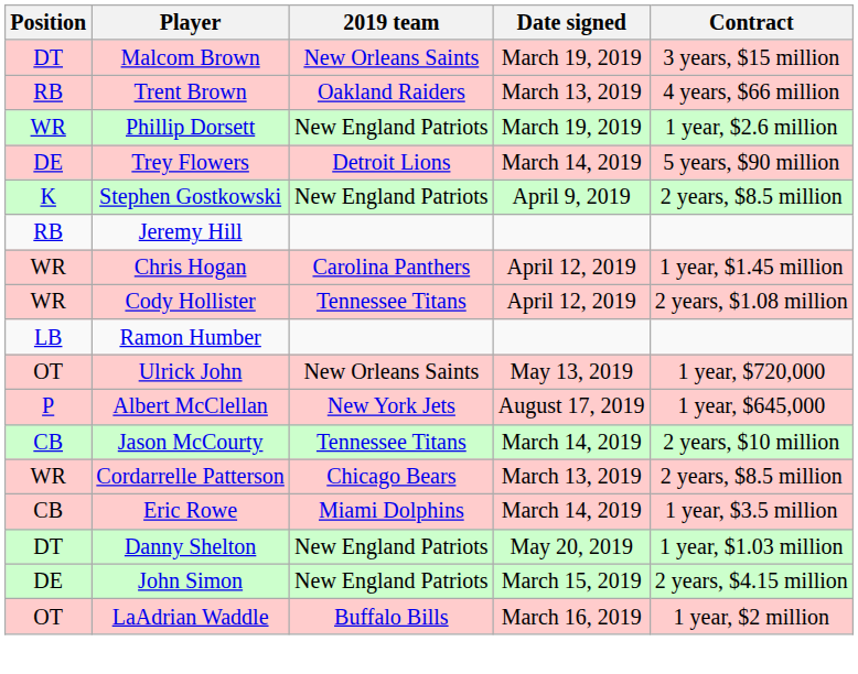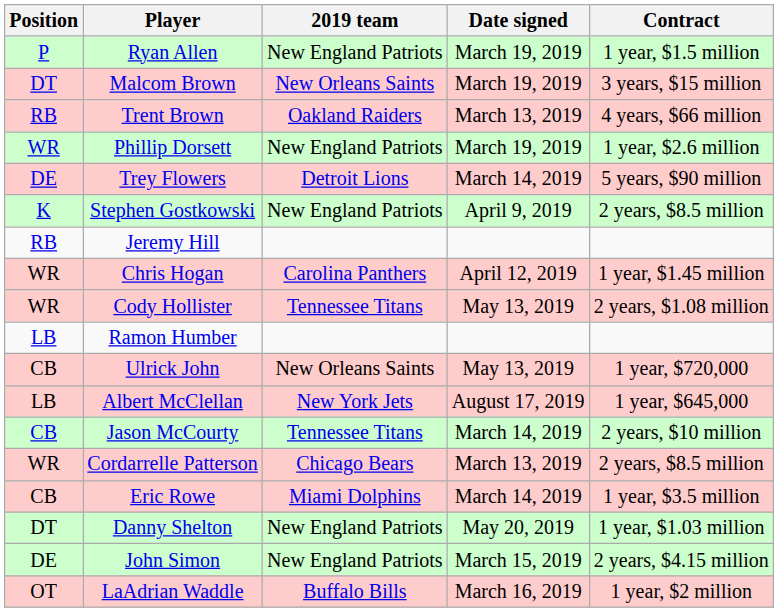 <table class="wikitable" style="text-align:center">
 <tr>
 <th>Position</th>
 <th>Player</th>
 <th>2019 team</th>
 <th>Date signed</th>
 <th>Contract</th>
+</tr>
+<tr style="background:#cfc">
+<td><a href='#'>P</a></td>
+<td><a href='#'>Ryan Allen</a></td>
+<td>New England Patriots</td>
+<td>March 19, 2019</td>
+<td>1 year, $1.5 million</td>
 </tr>
 <tr style="background:#fcc">
 <td><a href='#'>DT</a></td>
 <td><a href='#'>Malcom Brown</a></td>
 <td><a href='#'>New Orleans Saints</a></td>
 <td>March 19, 2019</td>
 <td>3 years, $15 million</td>
 </tr>
 <tr style="background:#fcc">
 <td><a href='#'>RB</a></td>
 <td><a href='#'>Trent Brown</a></td>
 <td><a href='#'>Oakland Raiders</a></td>
 <td>March 13, 2019</td>
 <td>4 years, $66 million</td>
 </tr>
 <tr style="background:#cfc">
 <td><a href='#'>WR</a></td>
 <td><a href='#'>Phillip Dorsett</a></td>
 <td>New England Patriots</td>
 <td>March 19, 2019</td>
 <td>1 year, $2.6 million</td>
 </tr>
 <tr style="background:#fcc">
 <td><a href='#'>DE</a></td>
 <td><a href='#'>Trey Flowers</a></td>
 <td><a href='#'>Detroit Lions</a></td>
 <td>March 14, 2019</td>
 <td>5 years, $90 million</td>
 </tr>
 <tr style="background:#cfc">
 <td><a href='#'>K</a></td>
 <td><a href='#'>Stephen Gostkowski</a></td>
 <td>New England Patriots</td>
 <td>April 9, 2019</td>
 <td>2 years, $8.5 million</td>
 </tr>
 <tr>
 <td><a href='#'>RB</a></td>
 <td><a href='#'>Jeremy Hill</a></td>
 <td></td>
 <td></td>
 <td></td>
 </tr>
 <tr style="background:#fcc">
 <td>WR</td>
 <td><a href='#'>Chris Hogan</a></td>
 <td><a href='#'>Carolina Panthers</a></td>
 <td>April 12, 2019</td>
 <td>1 year, $1.45 million</td>
 </tr>
 <tr style="background:#fcc">
 <td>WR</td>
 <td><a href='#'>Cody Hollister</a></td>
 <td><a href='#'>Tennessee Titans</a></td>
-<td>April 12, 2019</td>
+<td>May 13, 2019</td>
 <td>2 years, $1.08 million</td>
 </tr>
 <tr>
 <td><a href='#'>LB</a></td>
 <td><a href='#'>Ramon Humber</a></td>
 <td></td>
 <td></td>
 <td></td>
 </tr>
 <tr style="background:#fcc">
-<td>OT</td>
+<td>CB</td>
 <td><a href='#'>Ulrick John</a></td>
 <td>New Orleans Saints</td>
 <td>May 13, 2019</td>
 <td>1 year, $720,000</td>
 </tr>
 <tr style="background:#fcc">
-<td><a href='#'>P</a></td>
+<td>LB</td>
 <td><a href='#'>Albert McClellan</a></td>
 <td><a href='#'>New York Jets</a></td>
 <td>August 17, 2019</td>
 <td>1 year, $645,000</td>
 </tr>
 <tr style="background:#cfc">
 <td><a href='#'>CB</a></td>
 <td><a href='#'>Jason McCourty</a></td>
 <td><a href='#'>Tennessee Titans</a></td>
 <td>March 14, 2019</td>
 <td>2 years, $10 million</td>
 </tr>
 <tr style="background:#fcc">
 <td>WR</td>
 <td><a href='#'>Cordarrelle Patterson</a></td>
 <td><a href='#'>Chicago Bears</a></td>
 <td>March 13, 2019</td>
 <td>2 years, $8.5 million</td>
 </tr>
 <tr style="background:#fcc">
 <td>CB</td>
 <td><a href='#'>Eric Rowe</a></td>
 <td><a href='#'>Miami Dolphins</a></td>
 <td>March 14, 2019</td>
 <td>1 year, $3.5 million</td>
 </tr>
 <tr style="background:#cfc">
 <td>DT</td>
 <td><a href='#'>Danny Shelton</a></td>
 <td>New England Patriots</td>
 <td>May 20, 2019</td>
 <td>1 year, $1.03 million</td>
 </tr>
 <tr style="background:#cfc">
 <td>DE</td>
 <td><a href='#'>John Simon</a></td>
 <td>New England Patriots</td>
 <td>March 15, 2019</td>
 <td>2 years, $4.15 million</td>
 </tr>
 <tr style="background:#fcc">
 <td>OT</td>
 <td><a href='#'>LaAdrian Waddle</a></td>
 <td><a href='#'>Buffalo Bills</a></td>
 <td>March 16, 2019</td>
 <td>1 year, $2 million</td>
 </tr>
 </table>
